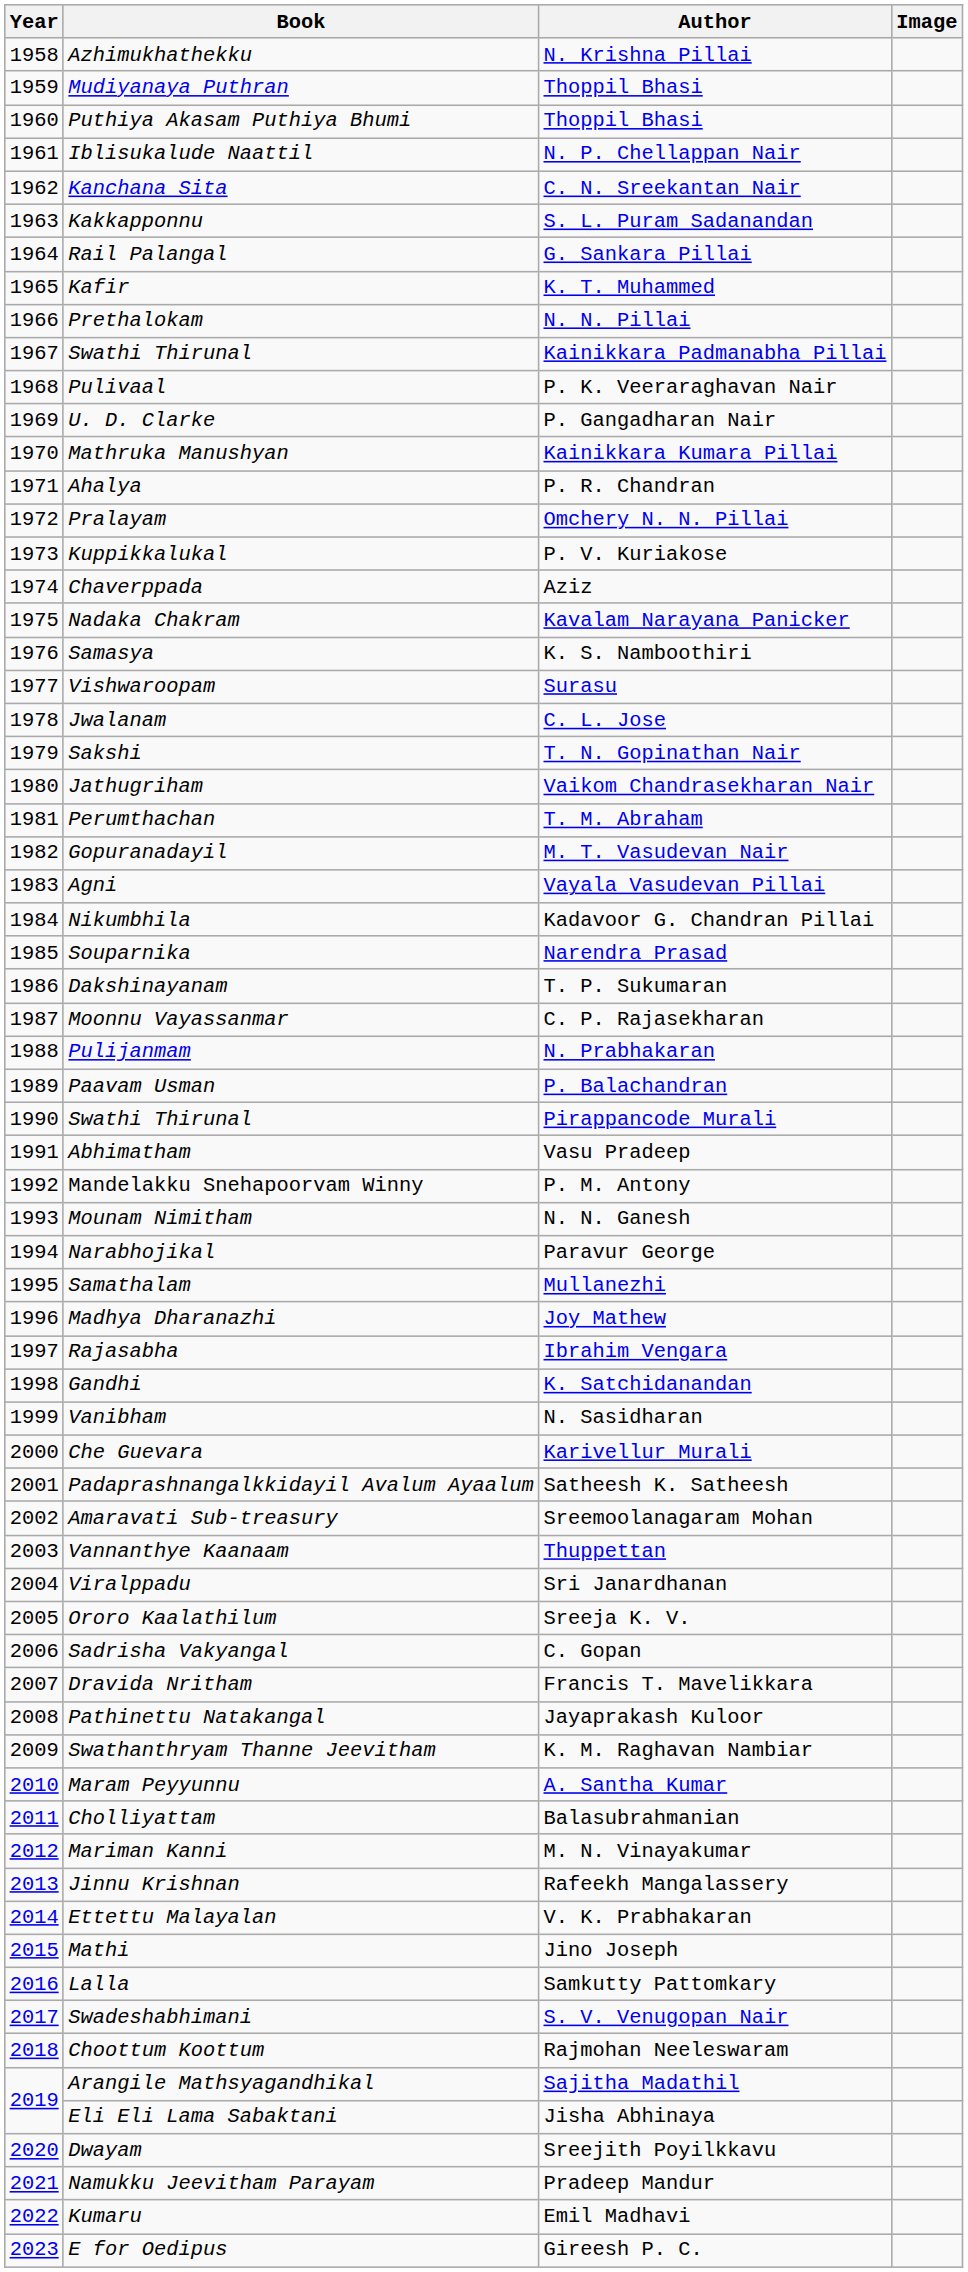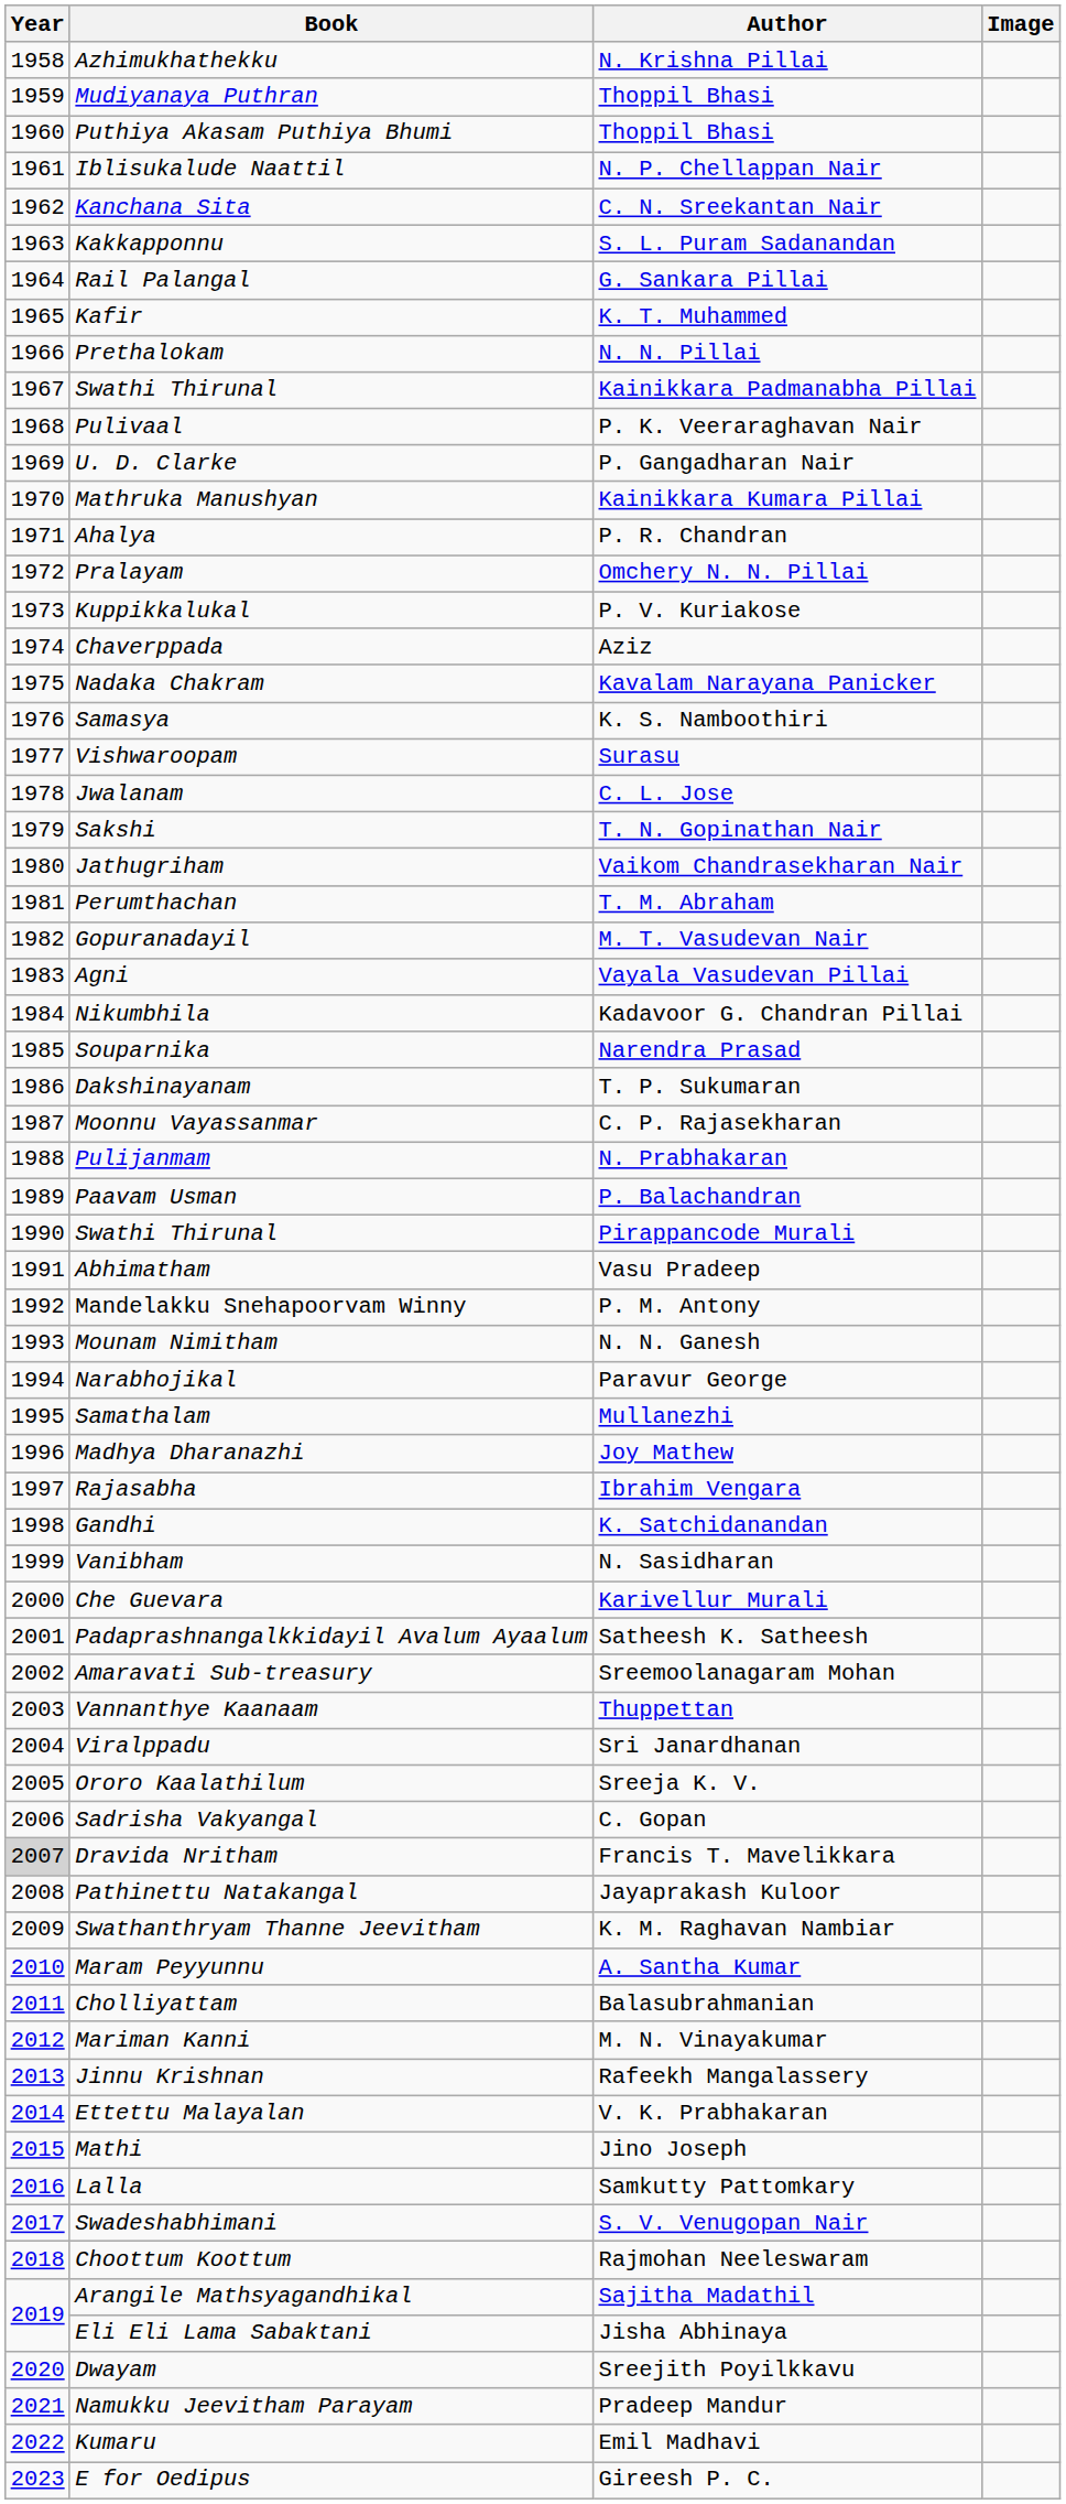 <table class="wikitable sortable">
 <tr>
 <th>Year</th>
 <th>Book</th>
 <th>Author</th>
 <th>Image</th>
 </tr>
 <tr>
 <td>1958</td>
 <td><em>Azhimukhathekku</em></td>
 <td><a href='#'>N. Krishna Pillai</a></td>
 <td></td>
 </tr>
 <tr>
 <td>1959</td>
 <td><em><a href='#'>Mudiyanaya Puthran</a></em></td>
 <td><a href='#'>Thoppil Bhasi</a></td>
 <td></td>
 </tr>
 <tr>
 <td>1960</td>
 <td><em>Puthiya Akasam Puthiya Bhumi</em></td>
 <td><a href='#'>Thoppil Bhasi</a></td>
 <td></td>
 </tr>
 <tr>
 <td>1961</td>
 <td><em>Iblisukalude Naattil</em></td>
 <td><a href='#'>N. P. Chellappan Nair</a></td>
 <td></td>
 </tr>
 <tr>
 <td>1962</td>
 <td><em><a href='#'>Kanchana Sita</a></em></td>
 <td><a href='#'>C. N. Sreekantan Nair</a></td>
 <td></td>
 </tr>
 <tr>
 <td>1963</td>
 <td><em>Kakkapponnu</em></td>
 <td><a href='#'>S. L. Puram Sadanandan</a></td>
 <td></td>
 </tr>
 <tr>
 <td>1964</td>
 <td><em>Rail Palangal</em></td>
 <td><a href='#'>G. Sankara Pillai</a></td>
 <td></td>
 </tr>
 <tr>
 <td>1965</td>
 <td><em>Kafir</em></td>
 <td><a href='#'>K. T. Muhammed</a></td>
 <td></td>
 </tr>
 <tr>
 <td>1966</td>
 <td><em>Prethalokam</em></td>
 <td><a href='#'>N. N. Pillai</a></td>
 <td></td>
 </tr>
 <tr>
 <td>1967</td>
 <td><em>Swathi Thirunal</em></td>
 <td><a href='#'>Kainikkara Padmanabha Pillai</a></td>
 <td></td>
 </tr>
 <tr>
 <td>1968</td>
 <td><em>Pulivaal</em></td>
 <td>P. K. Veeraraghavan Nair</td>
 <td></td>
 </tr>
 <tr>
 <td>1969</td>
 <td><em>U. D. Clarke</em></td>
 <td>P. Gangadharan Nair</td>
 <td></td>
 </tr>
 <tr>
 <td>1970</td>
 <td><em>Mathruka Manushyan</em></td>
 <td><a href='#'>Kainikkara Kumara Pillai</a></td>
 <td></td>
 </tr>
 <tr>
 <td>1971</td>
 <td><em>Ahalya</em></td>
 <td>P. R. Chandran</td>
 <td></td>
 </tr>
 <tr>
 <td>1972</td>
 <td><em>Pralayam</em></td>
 <td><a href='#'>Omchery N. N. Pillai</a></td>
 <td></td>
 </tr>
 <tr>
 <td>1973</td>
 <td><em>Kuppikkalukal</em></td>
 <td>P. V. Kuriakose</td>
 <td></td>
 </tr>
 <tr>
 <td>1974</td>
 <td><em>Chaverppada</em></td>
 <td>Aziz</td>
 <td></td>
 </tr>
 <tr>
 <td>1975</td>
 <td><em>Nadaka Chakram</em></td>
 <td><a href='#'>Kavalam Narayana Panicker</a></td>
 <td></td>
 </tr>
 <tr>
 <td>1976</td>
 <td><em>Samasya</em></td>
 <td>K. S. Namboothiri</td>
 <td></td>
 </tr>
 <tr>
 <td>1977</td>
 <td><em>Vishwaroopam</em></td>
 <td><a href='#'>Surasu</a></td>
 <td></td>
 </tr>
 <tr>
 <td>1978</td>
 <td><em>Jwalanam</em></td>
 <td><a href='#'>C. L. Jose</a></td>
 <td></td>
 </tr>
 <tr>
 <td>1979</td>
 <td><em>Sakshi</em></td>
 <td><a href='#'>T. N. Gopinathan Nair</a></td>
 <td></td>
 </tr>
 <tr>
 <td>1980</td>
 <td><em>Jathugriham</em></td>
 <td><a href='#'>Vaikom Chandrasekharan Nair</a></td>
 <td></td>
 </tr>
 <tr>
 <td>1981</td>
 <td><em>Perumthachan</em></td>
 <td><a href='#'>T. M. Abraham</a></td>
 <td></td>
 </tr>
 <tr>
 <td>1982</td>
 <td><em>Gopuranadayil</em></td>
 <td><a href='#'>M. T. Vasudevan Nair</a></td>
 <td></td>
 </tr>
 <tr>
 <td>1983</td>
 <td><em>Agni</em></td>
 <td><a href='#'>Vayala Vasudevan Pillai</a></td>
 <td></td>
 </tr>
 <tr>
 <td>1984</td>
 <td><em>Nikumbhila</em></td>
 <td>Kadavoor G. Chandran Pillai</td>
 <td></td>
 </tr>
 <tr>
 <td>1985</td>
 <td><em>Souparnika</em></td>
 <td><a href='#'>Narendra Prasad</a></td>
 <td></td>
 </tr>
 <tr>
 <td>1986</td>
 <td><em>Dakshinayanam</em></td>
 <td>T. P. Sukumaran</td>
 <td></td>
 </tr>
 <tr>
 <td>1987</td>
 <td><em>Moonnu Vayassanmar</em></td>
 <td>C. P. Rajasekharan</td>
 <td></td>
 </tr>
 <tr>
 <td>1988</td>
 <td><em><a href='#'>Pulijanmam</a></em></td>
 <td><a href='#'>N. Prabhakaran</a></td>
 <td></td>
 </tr>
 <tr>
 <td>1989</td>
 <td><em>Paavam Usman</em></td>
 <td><a href='#'>P. Balachandran</a></td>
 <td></td>
 </tr>
 <tr>
 <td>1990</td>
 <td><em>Swathi Thirunal</em></td>
 <td><a href='#'>Pirappancode Murali</a></td>
 <td></td>
 </tr>
 <tr>
 <td>1991</td>
 <td><em>Abhimatham</em></td>
 <td>Vasu Pradeep</td>
 <td></td>
 </tr>
 <tr>
 <td>1992</td>
 <td>Mandelakku Snehapoorvam Winny</td>
 <td>P. M. Antony</td>
 <td></td>
 </tr>
 <tr>
 <td>1993</td>
 <td><em>Mounam Nimitham</em></td>
 <td>N. N. Ganesh</td>
 <td></td>
 </tr>
 <tr>
 <td>1994</td>
 <td><em>Narabhojikal</em></td>
 <td>Paravur George</td>
 <td></td>
 </tr>
 <tr>
 <td>1995</td>
 <td><em>Samathalam</em></td>
 <td><a href='#'>Mullanezhi</a></td>
 <td></td>
 </tr>
 <tr>
 <td>1996</td>
 <td><em>Madhya Dharanazhi</em></td>
 <td><a href='#'>Joy Mathew</a></td>
 <td></td>
 </tr>
 <tr>
 <td>1997</td>
 <td><em>Rajasabha</em></td>
 <td><a href='#'>Ibrahim Vengara</a></td>
 <td></td>
 </tr>
 <tr>
 <td>1998</td>
 <td><em>Gandhi</em></td>
 <td><a href='#'>K. Satchidanandan</a></td>
 <td></td>
 </tr>
 <tr>
 <td>1999</td>
 <td><em>Vanibham</em></td>
 <td>N. Sasidharan</td>
 <td></td>
 </tr>
 <tr>
 <td>2000</td>
 <td><em>Che Guevara</em></td>
 <td><a href='#'>Karivellur Murali</a></td>
 <td></td>
 </tr>
 <tr>
 <td>2001</td>
 <td><em>Padaprashnangalkkidayil Avalum Ayaalum </em></td>
 <td>Satheesh K. Satheesh</td>
 <td></td>
 </tr>
 <tr>
 <td>2002</td>
 <td><em>Amaravati Sub-treasury</em></td>
 <td>Sreemoolanagaram Mohan</td>
 <td></td>
 </tr>
 <tr>
 <td>2003</td>
 <td><em>Vannanthye Kaanaam</em></td>
 <td><a href='#'>Thuppettan</a></td>
 <td></td>
 </tr>
 <tr>
 <td>2004</td>
 <td><em>Viralppadu</em></td>
 <td>Sri Janardhanan</td>
 <td></td>
 </tr>
 <tr>
 <td>2005</td>
 <td><em>Ororo Kaalathilum</em></td>
 <td>Sreeja K. V.</td>
 <td></td>
 </tr>
 <tr>
 <td>2006</td>
 <td><em>Sadrisha Vakyangal</em></td>
 <td>C. Gopan</td>
 <td></td>
 </tr>
 <tr>
-<td>2007</td>
+<td style="background: lightgrey;">2007</td>
 <td><em>Dravida Nritham</em></td>
 <td>Francis T. Mavelikkara</td>
 <td></td>
 </tr>
 <tr>
 <td>2008</td>
 <td><em>Pathinettu Natakangal</em></td>
 <td>Jayaprakash Kuloor</td>
 <td></td>
 </tr>
 <tr>
 <td>2009</td>
 <td><em>Swathanthryam Thanne Jeevitham</em></td>
 <td>K. M. Raghavan Nambiar</td>
 <td></td>
 </tr>
 <tr>
 <td><a href='#'>2010</a></td>
 <td><em>Maram Peyyunnu</em></td>
 <td><a href='#'>A. Santha Kumar</a></td>
 <td></td>
 </tr>
 <tr>
 <td><a href='#'>2011</a></td>
 <td><em>Cholliyattam</em></td>
 <td>Balasubrahmanian</td>
 <td></td>
 </tr>
 <tr>
 <td><a href='#'>2012</a></td>
 <td><em>Mariman Kanni</em></td>
 <td>M. N. Vinayakumar</td>
 <td></td>
 </tr>
 <tr>
 <td><a href='#'>2013</a></td>
 <td><em>Jinnu Krishnan</em></td>
 <td>Rafeekh Mangalassery</td>
 <td></td>
 </tr>
 <tr>
 <td><a href='#'>2014</a></td>
 <td><em>Ettettu Malayalan </em></td>
 <td>V. K. Prabhakaran</td>
 <td></td>
 </tr>
 <tr>
 <td><a href='#'>2015</a></td>
 <td><em>Mathi</em></td>
 <td>Jino Joseph</td>
 <td></td>
 </tr>
 <tr>
 <td><a href='#'>2016</a></td>
 <td><em>Lalla</em></td>
 <td>Samkutty Pattomkary</td>
 <td></td>
 </tr>
 <tr>
 <td><a href='#'>2017</a></td>
 <td><em>Swadeshabhimani</em></td>
 <td><a href='#'>S. V. Venugopan Nair</a></td>
 <td></td>
 </tr>
 <tr>
 <td><a href='#'>2018</a></td>
 <td><em>Choottum Koottum</em></td>
 <td>Rajmohan Neeleswaram</td>
 <td></td>
 </tr>
 <tr>
 <td rowspan="2"><a href='#'>2019</a></td>
 <td><em>Arangile Mathsyagandhikal</em></td>
 <td><a href='#'>Sajitha Madathil</a></td>
 <td></td>
 </tr>
 <tr>
 <td><em>Eli Eli Lama Sabaktani</em></td>
 <td>Jisha Abhinaya</td>
 <td></td>
 </tr>
 <tr>
 <td><a href='#'>2020</a></td>
 <td><em>Dwayam</em></td>
 <td>Sreejith Poyilkkavu</td>
 <td></td>
 </tr>
 <tr>
 <td><a href='#'>2021</a></td>
 <td><em>Namukku Jeevitham Parayam</em></td>
 <td>Pradeep Mandur</td>
 <td></td>
 </tr>
 <tr>
 <td><a href='#'>2022</a></td>
 <td><em>Kumaru</em></td>
 <td>Emil Madhavi</td>
 <td></td>
 </tr>
 <tr>
 <td><a href='#'>2023</a></td>
 <td><em>E for Oedipus</em></td>
 <td>Gireesh P. C.</td>
 <td></td>
 </tr>
 </table>
